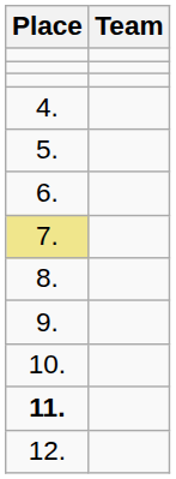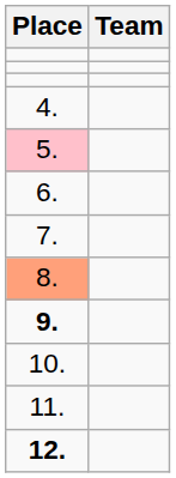 <table class="wikitable">
 <tr>
 <th>Place</th>
 <th>Team</th>
 </tr>
 <tr>
 <td align="center"></td>
 <td></td>
 </tr>
 <tr>
 <td align="center"></td>
 <td></td>
 </tr>
 <tr>
 <td align="center"></td>
 <td></td>
 </tr>
 <tr>
 <td align="center">4.</td>
 <td></td>
 </tr>
 <tr>
-<td align="center">5.</td>
+<td align="center" style="background: pink;">5.</td>
 <td></td>
 </tr>
 <tr>
 <td align="center">6.</td>
 <td></td>
 </tr>
 <tr>
-<td align="center" style="background: khaki;">7.</td>
+<td align="center">7.</td>
 <td></td>
 </tr>
 <tr>
-<td align="center">8.</td>
+<td align="center" style="background: lightsalmon;">8.</td>
 <td></td>
 </tr>
 <tr>
-<td align="center">9.</td>
+<td align="center"><strong>9.</strong></td>
 <td></td>
 </tr>
 <tr>
 <td align="center">10.</td>
 <td></td>
 </tr>
 <tr>
-<td align="center"><strong>11.</strong></td>
+<td align="center">11.</td>
 <td></td>
 </tr>
 <tr>
-<td align="center">12.</td>
+<td align="center"><strong>12.</strong></td>
 <td></td>
 </tr>
 </table>
